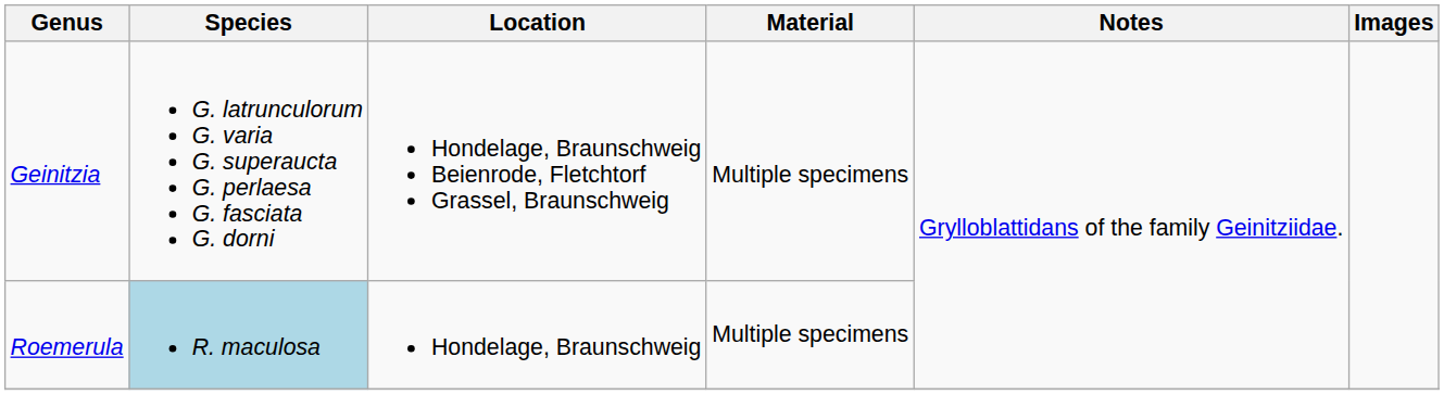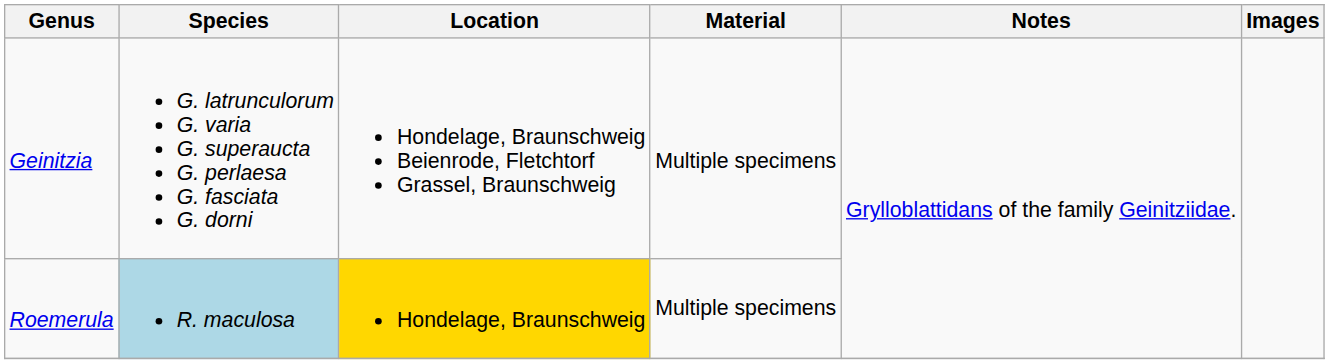 <table class = "wikitable">
 <tr>
 <th>Genus</th>
 <th>Species</th>
 <th>Location</th>
 <th>Material</th>
 <th>Notes</th>
 <th>Images</th>
 </tr>
 <tr>
 <td><br><em><a href='#'>Geinitzia</a></em></td>
 <td><br><ul><li><em>G. latrunculorum</em></li><li><em>G. varia</em></li><li><em>G. superaucta</em></li><li><em>G. perlaesa</em></li><li><em>G. fasciata</em></li><li><em>G. dorni</em></li></ul></td>
 <td><br><ul><li>Hondelage, Braunschweig</li><li>Beienrode, Fletchtorf</li><li>Grassel, Braunschweig</li></ul></td>
 <td><br>Multiple specimens</td>
 <td rowspan="2"><br><a href='#'>Grylloblattidans</a> of the family <a href='#'>Geinitziidae</a>.</td>
 <td rowspan="2"></td>
 </tr>
 <tr>
 <td><br><em><a href='#'>Roemerula</a></em></td>
 <td style="background: lightblue;"><br><ul><li><em>R. maculosa</em></li></ul></td>
-<td><br><ul><li>Hondelage, Braunschweig</li></ul></td>
+<td style="background: gold;"><br><ul><li>Hondelage, Braunschweig</li></ul></td>
 <td>Multiple specimens</td>
 </tr>
 <tr>
 </tr>
 </table>
